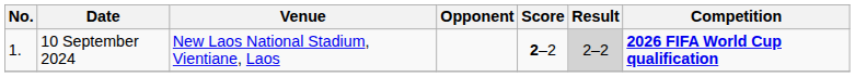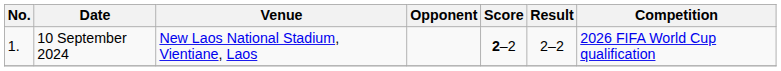 <table class="wikitable">
 <tr>
 <th>No.</th>
 <th>Date</th>
 <th>Venue</th>
 <th>Opponent</th>
 <th>Score</th>
 <th>Result</th>
 <th>Competition</th>
 </tr>
 <tr>
 <td>1.</td>
 <td>10 September 2024</td>
 <td><a href='#'>New Laos National Stadium</a>, <a href='#'>Vientiane</a>, <a href='#'>Laos</a></td>
 <td></td>
 <td align=center><strong>2</strong>–2</td>
-<td align=center style="background: lightgrey;">2–2</td>
-<td><strong><a href='#'>2026 FIFA World Cup qualification</a></strong></td>
+<td align=center>2–2</td>
+<td><a href='#'>2026 FIFA World Cup qualification</a></td>
 </tr>
 <tr>
 </tr>
 </table>
